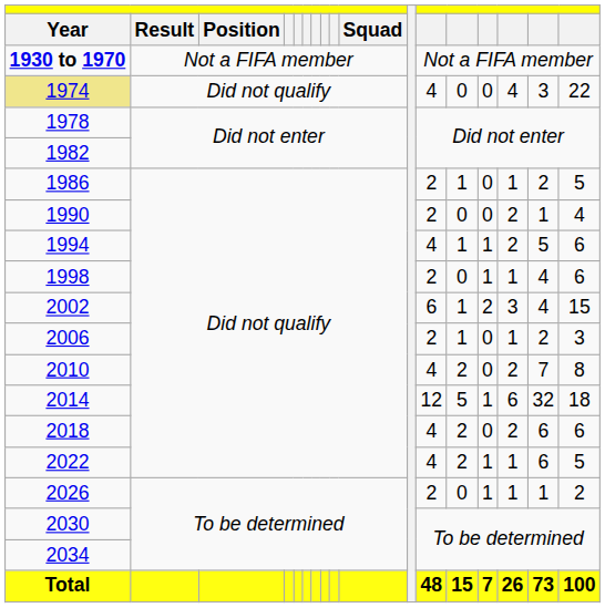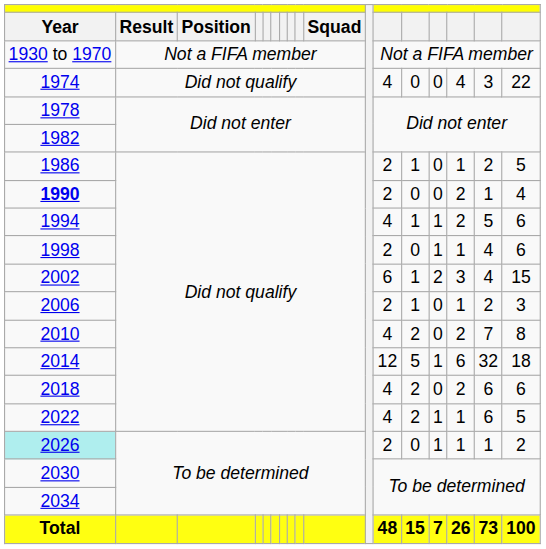 <table class="wikitable" style="text-align: center;">
 <tr>
 <th style="color:black; background:yellow;" colspan=10><a href='#'></a></th>
 <th rowspan=28></th>
 <th style="color:black; background:yellow;" colspan=7><a href='#'></a></th>
 </tr>
 <tr>
 <th>Year</th>
 <th>Result</th>
 <th>Position</th>
 <th></th>
 <th></th>
 <th></th>
 <th></th>
 <th></th>
 <th></th>
 <th>Squad</th>
 <th></th>
 <th></th>
 <th></th>
 <th></th>
 <th></th>
 <th></th>
 </tr>
 <tr>
-<td><strong><a href='#'>1930</a> to <a href='#'>1970</a></strong></td>
+<td><a href='#'>1930</a> to <a href='#'>1970</a></td>
 <td colspan=9><em>Not a FIFA member</em></td>
 <td colspan=7><em>Not a FIFA member</em></td>
 </tr>
 <tr>
-<td style="background: khaki;"> <a href='#'>1974</a></td>
+<td> <a href='#'>1974</a></td>
 <td colspan=9><em>Did not qualify</em></td>
 <td>4</td>
 <td>0</td>
 <td>0</td>
 <td>4</td>
 <td>3</td>
 <td>22</td>
 </tr>
 <tr>
 <td> <a href='#'>1978</a></td>
 <td colspan=9 rowspan=2><em>Did not enter</em></td>
 <td colspan=7 rowspan=2><em>Did not enter</em></td>
 </tr>
 <tr>
 <td> <a href='#'>1982</a></td>
 </tr>
 <tr>
 <td> <a href='#'>1986</a></td>
 <td colspan=9 rowspan=10><em>Did not qualify</em></td>
 <td>2</td>
 <td>1</td>
 <td>0</td>
 <td>1</td>
 <td>2</td>
 <td>5</td>
 </tr>
 <tr>
-<td> <a href='#'>1990</a></td>
+<td><strong> <a href='#'>1990</a></strong></td>
 <td>2</td>
 <td>0</td>
 <td>0</td>
 <td>2</td>
 <td>1</td>
 <td>4</td>
 </tr>
 <tr>
 <td> <a href='#'>1994</a></td>
 <td>4</td>
 <td>1</td>
 <td>1</td>
 <td>2</td>
 <td>5</td>
 <td>6</td>
 </tr>
 <tr>
 <td> <a href='#'>1998</a></td>
 <td>2</td>
 <td>0</td>
 <td>1</td>
 <td>1</td>
 <td>4</td>
 <td>6</td>
 </tr>
 <tr>
 <td>  <a href='#'>2002</a></td>
 <td>6</td>
 <td>1</td>
 <td>2</td>
 <td>3</td>
 <td>4</td>
 <td>15</td>
 </tr>
 <tr>
 <td> <a href='#'>2006</a></td>
 <td>2</td>
 <td>1</td>
 <td>0</td>
 <td>1</td>
 <td>2</td>
 <td>3</td>
 </tr>
 <tr>
 <td> <a href='#'>2010</a></td>
 <td>4</td>
 <td>2</td>
 <td>0</td>
 <td>2</td>
 <td>7</td>
 <td>8</td>
 </tr>
 <tr>
 <td> <a href='#'>2014</a></td>
 <td>12</td>
 <td>5</td>
 <td>1</td>
 <td>6</td>
 <td>32</td>
 <td>18</td>
 </tr>
 <tr>
 <td> <a href='#'>2018</a></td>
 <td>4</td>
 <td>2</td>
 <td>0</td>
 <td>2</td>
 <td>6</td>
 <td>6</td>
 </tr>
 <tr>
 <td> <a href='#'>2022</a></td>
 <td>4</td>
 <td>2</td>
 <td>1</td>
 <td>1</td>
 <td>6</td>
 <td>5</td>
 </tr>
 <tr>
-<td>   <a href='#'>2026</a></td>
+<td style="background: paleturquoise;">   <a href='#'>2026</a></td>
 <td colspan=9 rowspan=3><em>To be determined</em></td>
 <td>2</td>
 <td>0</td>
 <td>1</td>
 <td>1</td>
 <td>1</td>
 <td>2</td>
 </tr>
 <tr>
 <td>   <a href='#'>2030</a></td>
 <td colspan=7 rowspan=2><em>To be determined</em></td>
 </tr>
 <tr>
 <td> <a href='#'>2034</a></td>
 </tr>
 <tr style="color:black;">
 <th style="background:#FFFF11;">Total</th>
 <th style="background:#FFFF11;"></th>
 <th style="background:#FFFF11;"></th>
 <th style="background:#FFFF11;"></th>
 <th style="background:#FFFF11;"></th>
 <th style="background:#FFFF11;"></th>
 <th style="background:#FFFF11;"></th>
 <th style="background:#FFFF11;"></th>
 <th style="background:#FFFF11;"></th>
 <th style="background:#FFFF11;"></th>
 <th style="background:#FFFF11;">48</th>
 <th style="background:#FFFF11;">15</th>
 <th style="background:#FFFF11;">7</th>
 <th style="background:#FFFF11;">26</th>
 <th style="background:#FFFF11;">73</th>
 <th style="background:#FFFF11;">100</th>
 </tr>
 </table>
